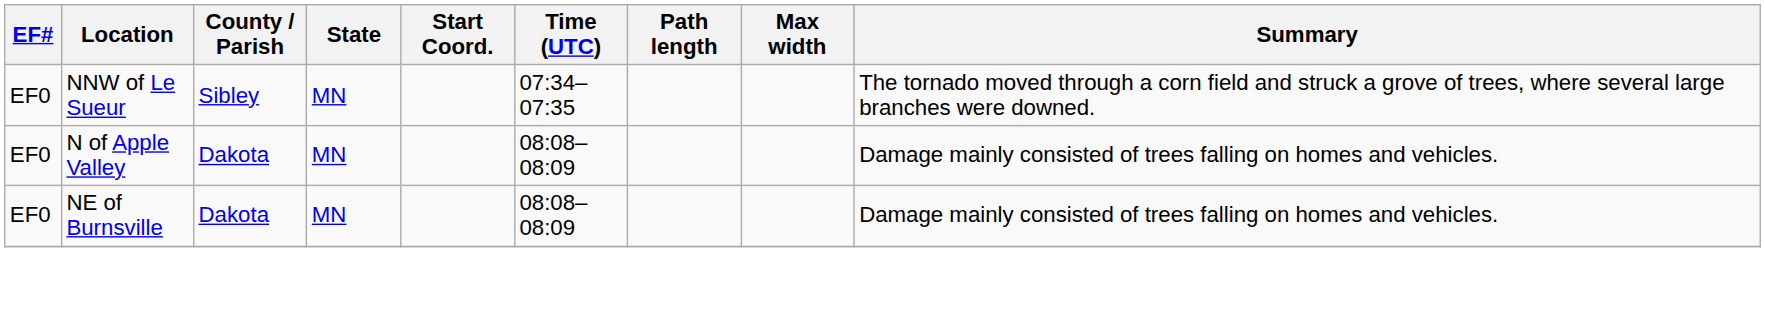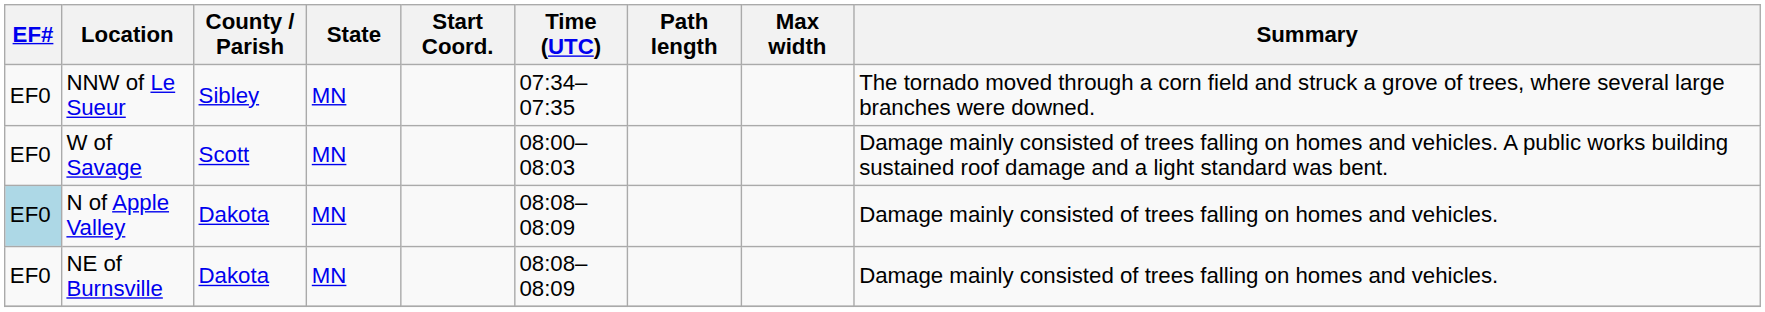 <table class="wikitable sortable" style="width:100%;">
 <tr>
 <th scope="col"  style="width:3%; text-align:center;"><a href='#'>EF#</a></th>
 <th scope="col"  style="width:7%; text-align:center;" class="unsortable">Location</th>
 <th scope="col"  style="width:6%; text-align:center;" class="unsortable">County / Parish</th>
 <th scope="col"  style="width:5%; text-align:center;">State</th>
 <th scope="col"  style="width:6%; text-align:center;">Start Coord.</th>
 <th scope="col"  style="width:6%; text-align:center;">Time (<a href='#'>UTC</a>)</th>
 <th scope="col"  style="width:6%; text-align:center;">Path length</th>
 <th scope="col"  style="width:6%; text-align:center;">Max width</th>
 <th scope="col" class="unsortable" style="width:48%; text-align:center;">Summary</th>
 </tr>
 <tr>
 <td>EF0</td>
 <td>NNW of <a href='#'>Le Sueur</a></td>
 <td><a href='#'>Sibley</a></td>
 <td><a href='#'>MN</a></td>
 <td></td>
 <td>07:34–07:35</td>
 <td></td>
 <td></td>
 <td>The tornado moved through a corn field and struck a grove of trees, where several large branches were downed.</td>
 </tr>
 <tr>
 <td>EF0</td>
+<td>W of <a href='#'>Savage</a></td>
+<td><a href='#'>Scott</a></td>
+<td><a href='#'>MN</a></td>
+<td></td>
+<td>08:00–08:03</td>
+<td></td>
+<td></td>
+<td>Damage mainly consisted of trees falling on homes and vehicles. A public works building sustained roof damage and a light standard was bent.</td>
+</tr>
+<tr>
+<td style="background: lightblue;">EF0</td>
 <td>N of <a href='#'>Apple Valley</a></td>
 <td><a href='#'>Dakota</a></td>
 <td><a href='#'>MN</a></td>
 <td></td>
 <td>08:08–08:09</td>
 <td></td>
 <td></td>
 <td>Damage mainly consisted of trees falling on homes and vehicles.</td>
 </tr>
 <tr>
 <td>EF0</td>
 <td>NE of <a href='#'>Burnsville</a></td>
 <td><a href='#'>Dakota</a></td>
 <td><a href='#'>MN</a></td>
 <td></td>
 <td>08:08–08:09</td>
 <td></td>
 <td></td>
 <td>Damage mainly consisted of trees falling on homes and vehicles.</td>
 </tr>
 <tr>
 </tr>
 </table>
